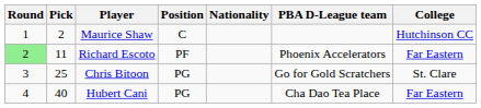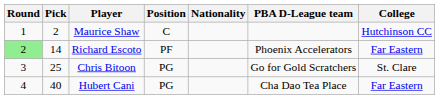 <table class="wikitable sortable sortable" style="text-align: center">
 <tr>
 <th>Round</th>
 <th>Pick</th>
 <th>Player</th>
 <th>Position</th>
 <th>Nationality</th>
 <th>PBA D-League team</th>
 <th>College</th>
 </tr>
 <tr>
 <td>1</td>
 <td>2</td>
 <td><a href='#'>Maurice Shaw</a></td>
 <td>C</td>
 <td></td>
 <td></td>
 <td><a href='#'>Hutchinson CC</a></td>
 </tr>
 <tr>
 <td style="background: lightgreen;">2</td>
-<td>11</td>
+<td>14</td>
 <td><a href='#'>Richard Escoto</a></td>
 <td>PF</td>
 <td></td>
 <td>Phoenix Accelerators</td>
 <td><a href='#'>Far Eastern</a></td>
 </tr>
 <tr>
 <td>3</td>
 <td>25</td>
 <td><a href='#'>Chris Bitoon</a></td>
 <td>PG</td>
 <td></td>
 <td>Go for Gold Scratchers</td>
 <td>St. Clare</td>
 </tr>
 <tr>
 <td>4</td>
 <td>40</td>
 <td><a href='#'>Hubert Cani</a></td>
 <td>PG</td>
 <td></td>
 <td>Cha Dao Tea Place</td>
 <td><a href='#'>Far Eastern</a></td>
 </tr>
 </table>
